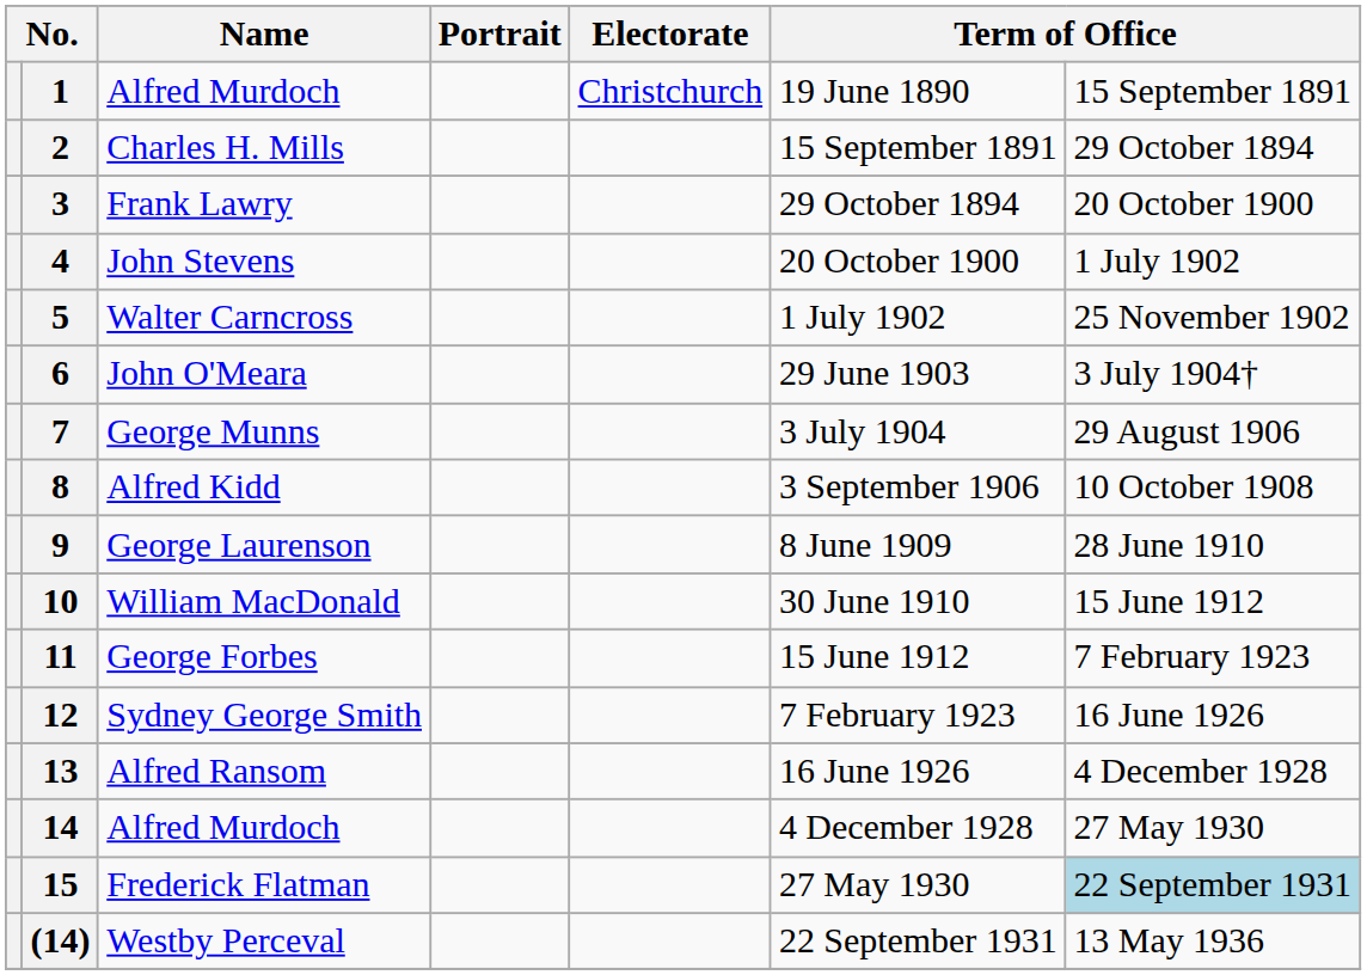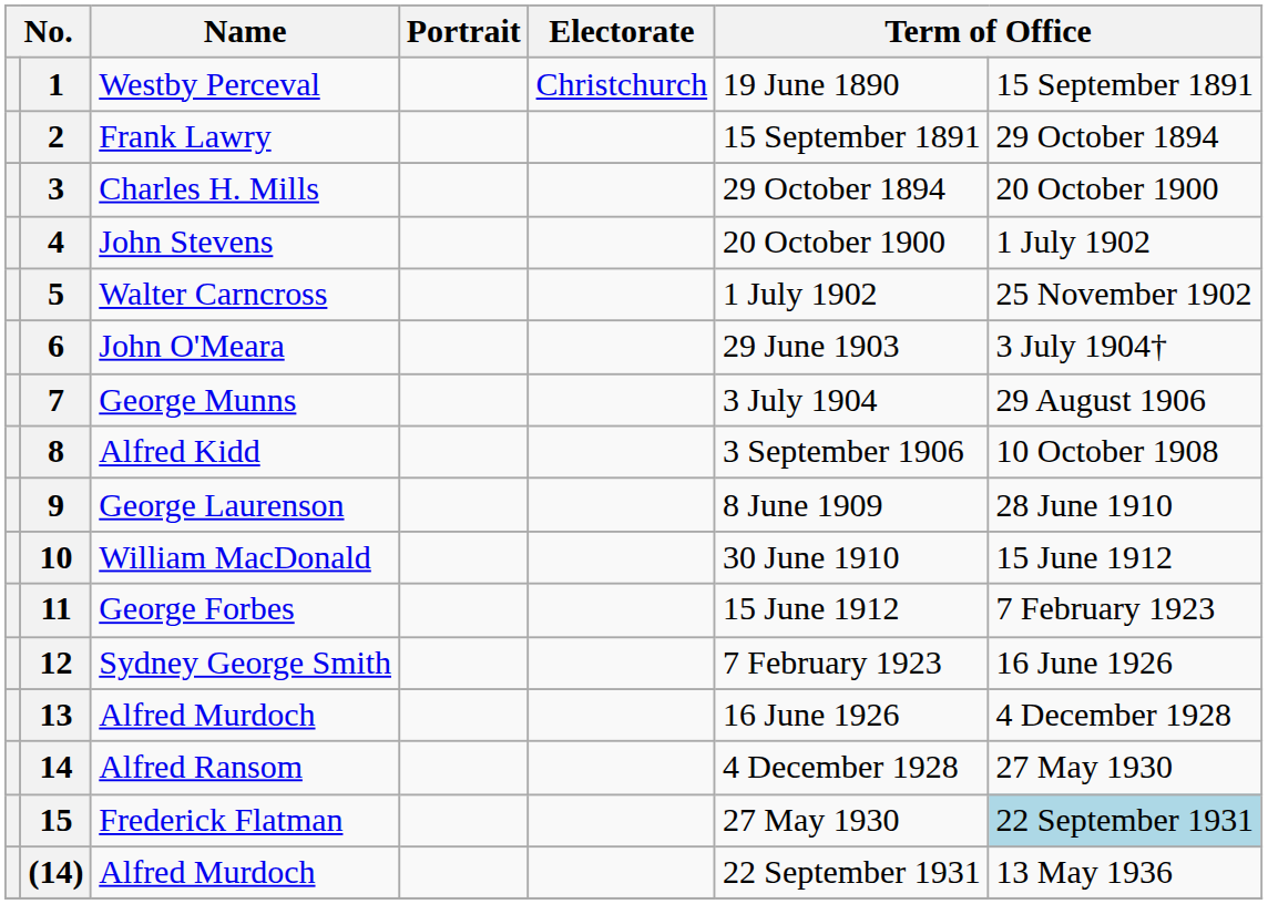 <table class="wikitable">
 <tr>
 <th colspan=2>No.</th>
 <th>Name</th>
 <th>Portrait</th>
 <th>Electorate</th>
 <th colspan=2>Term of Office</th>
 </tr>
 <tr>
 <th style="background:"></th>
 <th>1</th>
-<td><a href='#'>Alfred Murdoch</a></td>
+<td><a href='#'>Westby Perceval</a></td>
 <td></td>
 <td><a href='#'>Christchurch</a></td>
 <td>19 June 1890</td>
 <td>15 September 1891</td>
 </tr>
 <tr>
 <th style="background:"></th>
 <th>2</th>
-<td><a href='#'>Charles H. Mills</a></td>
+<td><a href='#'>Frank Lawry</a></td>
 <td></td>
 <td></td>
 <td>15 September 1891</td>
 <td>29 October 1894</td>
 </tr>
 <tr>
 <th style="background:"></th>
 <th>3</th>
-<td><a href='#'>Frank Lawry</a></td>
+<td><a href='#'>Charles H. Mills</a></td>
 <td></td>
 <td></td>
 <td>29 October 1894</td>
 <td>20 October 1900</td>
 </tr>
 <tr>
 <th style="background:"></th>
 <th>4</th>
 <td><a href='#'>John Stevens</a></td>
 <td></td>
 <td></td>
 <td>20 October 1900</td>
 <td>1 July 1902</td>
 </tr>
 <tr>
 <th style="background:"></th>
 <th>5</th>
 <td><a href='#'>Walter Carncross</a></td>
 <td></td>
 <td></td>
 <td>1 July 1902</td>
 <td>25 November 1902</td>
 </tr>
 <tr>
 <th style="background:"></th>
 <th>6</th>
 <td><a href='#'>John O'Meara</a></td>
 <td></td>
 <td></td>
 <td>29 June 1903</td>
 <td>3 July 1904†</td>
 </tr>
 <tr>
 <th style="background:"></th>
 <th>7</th>
 <td><a href='#'>George Munns</a></td>
 <td></td>
 <td></td>
 <td>3 July 1904</td>
 <td>29 August 1906</td>
 </tr>
 <tr>
 <th style="background:"></th>
 <th>8</th>
 <td><a href='#'>Alfred Kidd</a></td>
 <td></td>
 <td></td>
 <td>3 September 1906</td>
 <td>10 October 1908</td>
 </tr>
 <tr>
 <th style="background:"></th>
 <th>9</th>
 <td><a href='#'>George Laurenson</a></td>
 <td></td>
 <td></td>
 <td>8 June 1909</td>
 <td>28 June 1910</td>
 </tr>
 <tr>
 <th style="background:"></th>
 <th>10</th>
 <td><a href='#'>William MacDonald</a></td>
 <td></td>
 <td></td>
 <td>30 June 1910</td>
 <td>15 June 1912</td>
 </tr>
 <tr>
 <th style="background:"></th>
 <th>11</th>
 <td><a href='#'>George Forbes</a></td>
 <td></td>
 <td></td>
 <td>15 June 1912</td>
 <td>7 February 1923</td>
 </tr>
 <tr>
 <th style="background:"></th>
 <th>12</th>
 <td><a href='#'>Sydney George Smith</a></td>
 <td></td>
 <td></td>
 <td>7 February 1923</td>
 <td>16 June 1926</td>
 </tr>
 <tr>
 <th style="background:"></th>
 <th>13</th>
-<td><a href='#'>Alfred Ransom</a></td>
+<td><a href='#'>Alfred Murdoch</a></td>
 <td></td>
 <td></td>
 <td>16 June 1926</td>
 <td>4 December 1928</td>
 </tr>
 <tr>
 <th style="background:"></th>
 <th>14</th>
-<td><a href='#'>Alfred Murdoch</a></td>
+<td><a href='#'>Alfred Ransom</a></td>
 <td></td>
 <td></td>
 <td>4 December 1928</td>
 <td>27 May 1930</td>
 </tr>
 <tr>
 <th style="background:"></th>
 <th>15</th>
 <td><a href='#'>Frederick Flatman</a></td>
 <td></td>
 <td></td>
 <td>27 May 1930</td>
 <td style="background: lightblue;">22 September 1931</td>
 </tr>
 <tr>
 <th style="background:"></th>
 <th>(14)</th>
-<td><a href='#'>Westby Perceval</a></td>
+<td><a href='#'>Alfred Murdoch</a></td>
 <td></td>
 <td></td>
 <td>22 September 1931</td>
 <td>13 May 1936</td>
 </tr>
 <tr>
 </tr>
 </table>
